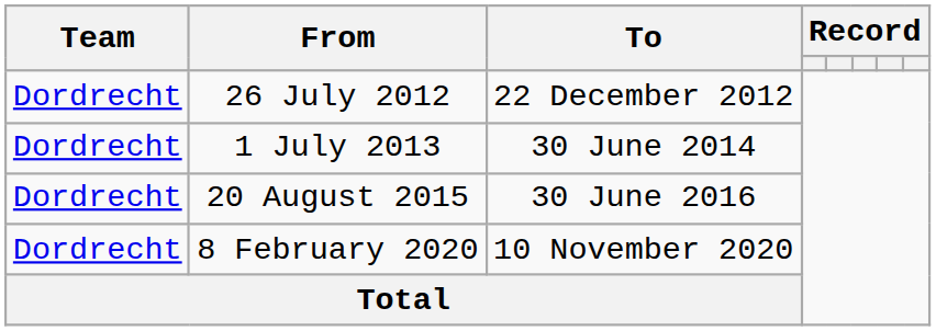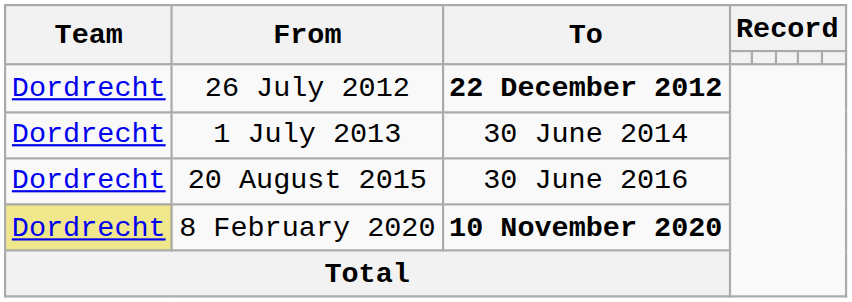 <table class="wikitable" style="text-align:center">
 <tr>
 <th rowspan="2">Team</th>
 <th rowspan="2">From</th>
 <th rowspan="2">To</th>
 <th colspan="5">Record</th>
 </tr>
 <tr>
 <th></th>
 <th></th>
 <th></th>
 <th></th>
 <th></th>
 </tr>
 <tr>
 <td><a href='#'>Dordrecht</a></td>
 <td>26 July 2012</td>
-<td>22 December 2012<br></td>
+<td><strong>22 December 2012<br></strong></td>
 </tr>
 <tr>
 <td><a href='#'>Dordrecht</a></td>
 <td>1 July 2013</td>
 <td>30 June 2014<br></td>
 </tr>
 <tr>
 <td><a href='#'>Dordrecht</a></td>
 <td>20 August 2015</td>
 <td>30 June 2016<br></td>
 </tr>
 <tr>
-<td><a href='#'>Dordrecht</a></td>
+<td style="background: khaki;"><a href='#'>Dordrecht</a></td>
 <td>8 February 2020</td>
-<td>10 November 2020<br></td>
+<td><strong>10 November 2020<br></strong></td>
 </tr>
 <tr>
 <th colspan="3">Total<br></th>
 </tr>
 </table>
